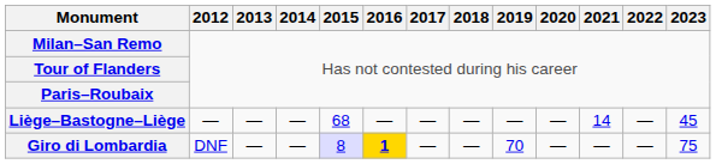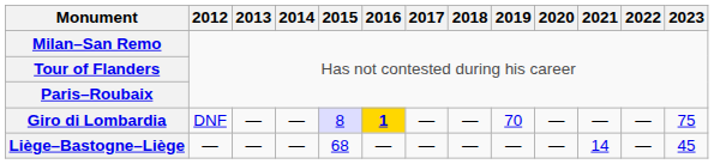 <table class="wikitable plainrowheaders">
 <tr>
 <th>Monument</th>
 <th scope="col">2012</th>
 <th scope="col">2013</th>
 <th scope="col">2014</th>
 <th scope="col">2015</th>
 <th scope="col">2016</th>
 <th scope="col">2017</th>
 <th scope="col">2018</th>
 <th scope="col">2019</th>
 <th scope="col">2020</th>
 <th scope="col">2021</th>
 <th scope="col">2022</th>
 <th scope="col">2023</th>
 </tr>
 <tr style="text-align:center;">
 <th scope="row"><a href='#'>Milan–San Remo</a></th>
 <td style="color:#4d4d4d;" colspan=12 rowspan=3>Has not contested during his career</td>
 </tr>
 <tr style="text-align:center;">
 <th scope="row"><a href='#'>Tour of Flanders</a></th>
 </tr>
 <tr style="text-align:center;">
 <th scope="row"><a href='#'>Paris–Roubaix</a></th>
 </tr>
 <tr style="text-align:center;">
+<th scope="row"><a href='#'>Giro di Lombardia</a></th>
+<td><a href='#'>DNF</a></td>
+<td>—</td>
+<td>—</td>
+<td style="background:#ddf;"><a href='#'>8</a></td>
+<td style="background:Gold;"><a href='#'><strong>1</strong></a></td>
+<td>—</td>
+<td>—</td>
+<td><a href='#'>70</a></td>
+<td>—</td>
+<td>—</td>
+<td>—</td>
+<td><a href='#'>75</a></td>
+</tr>
+<tr style="text-align:center;">
 <th scope="row"><a href='#'>Liège–Bastogne–Liège</a></th>
 <td>—</td>
 <td>—</td>
 <td>—</td>
 <td><a href='#'>68</a></td>
 <td>—</td>
 <td>—</td>
 <td>—</td>
 <td>—</td>
 <td>—</td>
 <td><a href='#'>14</a></td>
 <td>—</td>
 <td><a href='#'>45</a></td>
 </tr>
-<tr style="text-align:center;">
-<th scope="row"><a href='#'>Giro di Lombardia</a></th>
-<td><a href='#'>DNF</a></td>
-<td>—</td>
-<td>—</td>
-<td style="background:#ddf;"><a href='#'>8</a></td>
-<td style="background:Gold;"><a href='#'><strong>1</strong></a></td>
-<td>—</td>
-<td>—</td>
-<td><a href='#'>70</a></td>
-<td>—</td>
-<td>—</td>
-<td>—</td>
-<td><a href='#'>75</a></td>
-</tr>
 </table>
